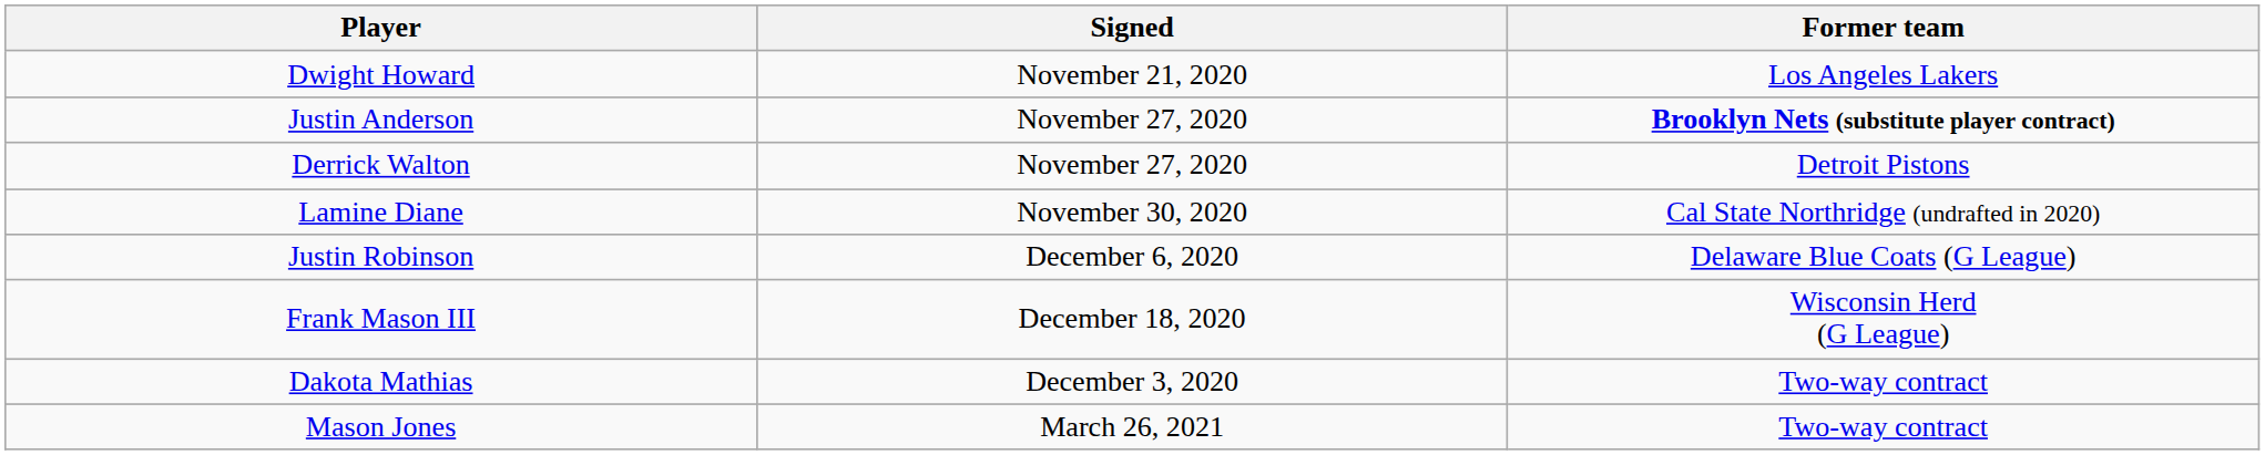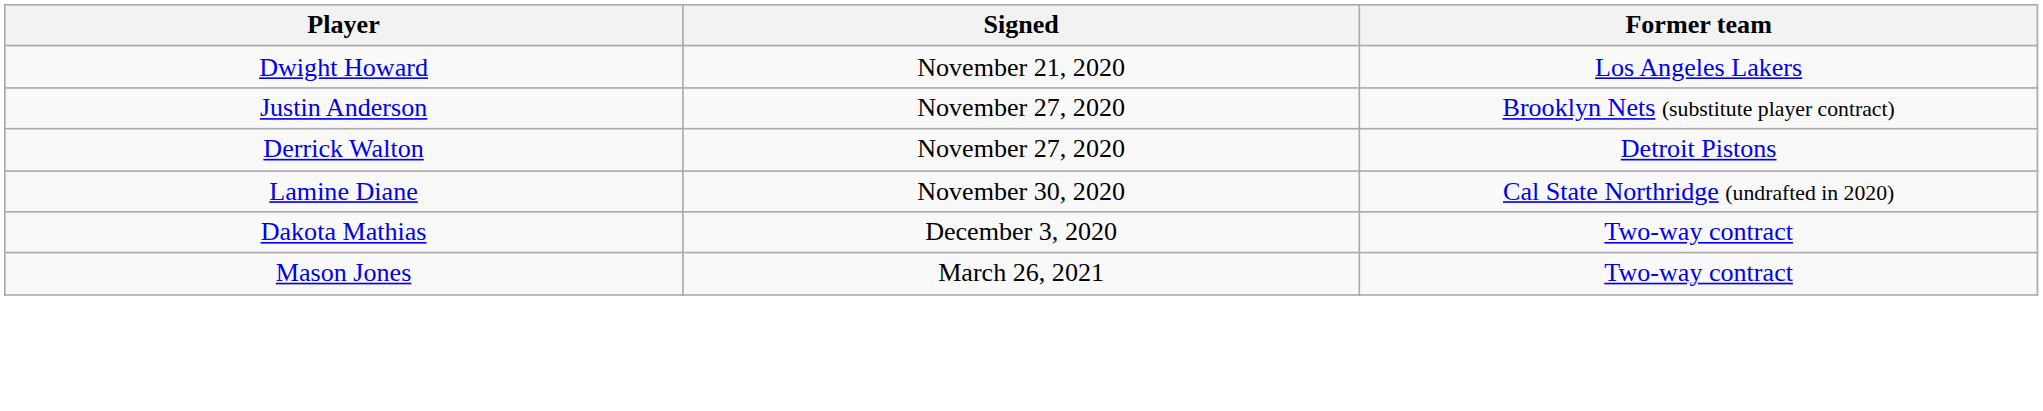 <table class="wikitable sortable sortable" style="text-align: center">
 <tr>
 <th width="10%">Player</th>
 <th width="10%">Signed</th>
 <th width="10%">Former team</th>
 </tr>
 <tr>
 <td><a href='#'>Dwight Howard</a></td>
 <td>November 21, 2020</td>
 <td><a href='#'>Los Angeles Lakers</a></td>
 </tr>
 <tr>
 <td><a href='#'>Justin Anderson</a></td>
 <td>November 27, 2020</td>
-<td><strong><a href='#'>Brooklyn Nets</a> <small>(substitute player contract)</small></strong></td>
+<td><a href='#'>Brooklyn Nets</a> <small>(substitute player contract)</small></td>
 </tr>
 <tr>
 <td><a href='#'>Derrick Walton</a></td>
 <td>November 27, 2020</td>
 <td><a href='#'>Detroit Pistons</a></td>
 </tr>
 <tr>
 <td><a href='#'>Lamine Diane</a></td>
 <td>November 30, 2020</td>
 <td><a href='#'>Cal State Northridge</a> <small>(undrafted in 2020)</small></td>
 </tr>
 <tr>
-<td><a href='#'>Justin Robinson</a></td>
-<td>December 6, 2020</td>
-<td><a href='#'>Delaware Blue Coats</a> (<a href='#'>G League</a>)</td>
-</tr>
-<tr>
-<td><a href='#'>Frank Mason III</a></td>
-<td>December 18, 2020</td>
-<td><a href='#'>Wisconsin Herd</a><br>(<a href='#'>G League</a>)</td>
-</tr>
-<tr>
 <td><a href='#'>Dakota Mathias</a></td>
 <td>December 3, 2020</td>
 <td><a href='#'>Two-way contract</a></td>
 </tr>
 <tr>
 <td><a href='#'>Mason Jones</a></td>
 <td>March 26, 2021</td>
 <td><a href='#'>Two-way contract</a></td>
 </tr>
 </table>
